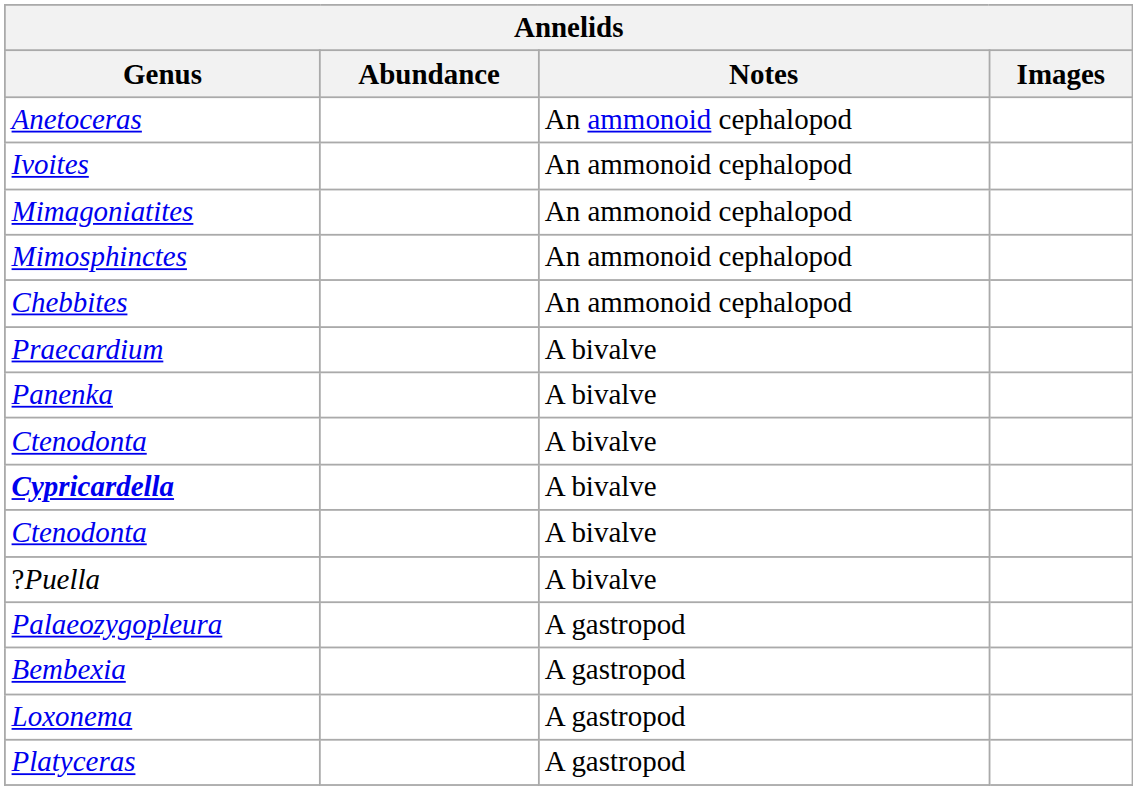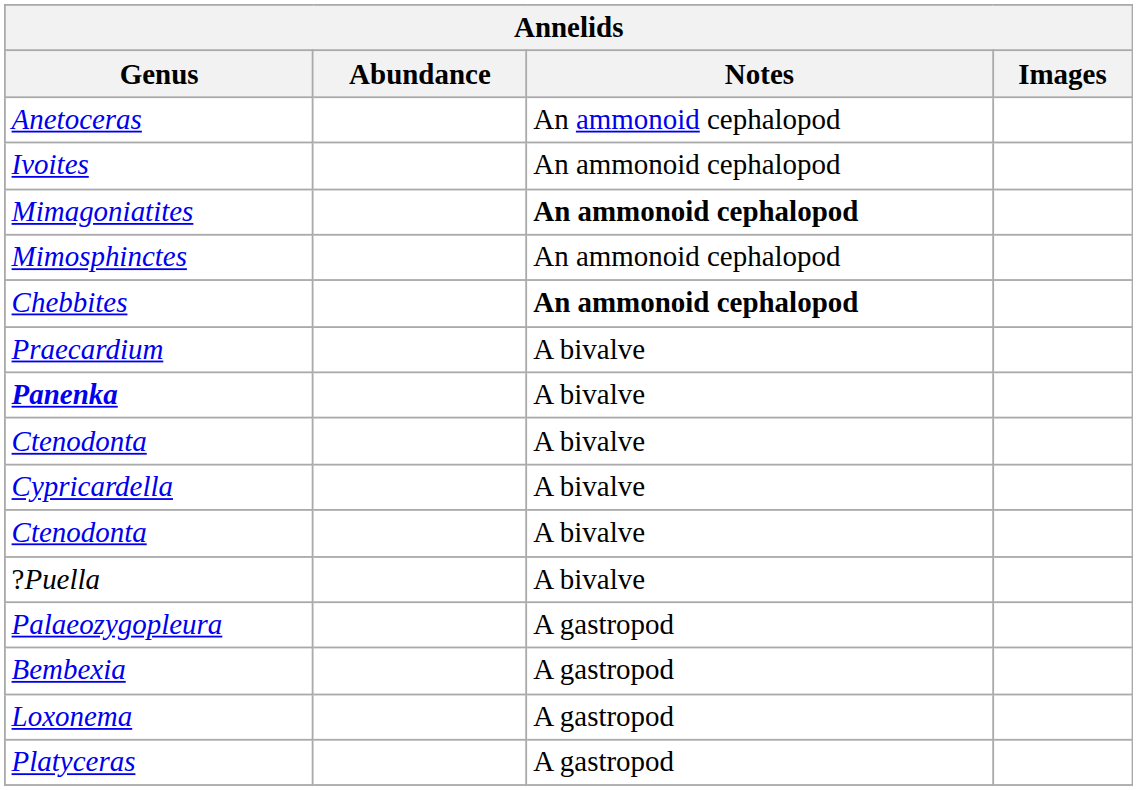 <table class="wikitable sortable" style="background:white; width:100%;">
 <tr>
 <th colspan="5" align="center">Annelids</th>
 </tr>
 <tr>
 <th>Genus</th>
 <th>Abundance</th>
 <th>Notes</th>
 <th>Images</th>
 </tr>
 <tr>
 <td><em><a href='#'>Anetoceras</a></em></td>
 <td></td>
 <td>An <a href='#'>ammonoid</a> cephalopod</td>
 <td></td>
 </tr>
 <tr>
 <td><em><a href='#'>Ivoites</a></em></td>
 <td></td>
 <td>An ammonoid cephalopod</td>
 <td></td>
 </tr>
 <tr>
 <td><em><a href='#'>Mimagoniatites</a></em></td>
 <td></td>
-<td>An ammonoid cephalopod</td>
+<td><strong>An ammonoid cephalopod</strong></td>
 <td></td>
 </tr>
 <tr>
 <td><em><a href='#'>Mimosphinctes</a></em></td>
 <td></td>
 <td>An ammonoid cephalopod</td>
 <td></td>
 </tr>
 <tr>
 <td><em><a href='#'>Chebbites</a></em></td>
 <td></td>
-<td>An ammonoid cephalopod</td>
+<td><strong>An ammonoid cephalopod</strong></td>
 <td></td>
 </tr>
 <tr>
 <td><em><a href='#'>Praecardium</a></em></td>
 <td></td>
 <td>A bivalve</td>
 <td></td>
 </tr>
 <tr>
-<td><a href='#'><em>Panenka</em></a></td>
+<td><strong><a href='#'><em>Panenka</em></a></strong></td>
 <td></td>
 <td>A bivalve</td>
 <td></td>
 </tr>
 <tr>
 <td><em><a href='#'>Ctenodonta</a></em></td>
 <td></td>
 <td>A bivalve</td>
 <td></td>
 </tr>
 <tr>
-<td><strong><em><a href='#'>Cypricardella</a></em></strong></td>
+<td><em><a href='#'>Cypricardella</a></em></td>
 <td></td>
 <td>A bivalve</td>
 <td></td>
 </tr>
 <tr>
 <td><em><a href='#'>Ctenodonta</a></em></td>
 <td></td>
 <td>A bivalve</td>
 <td></td>
 </tr>
 <tr>
 <td>?<em>Puella</em></td>
 <td></td>
 <td>A bivalve</td>
 <td></td>
 </tr>
 <tr>
 <td><em><a href='#'>Palaeozygopleura</a></em></td>
 <td></td>
 <td>A gastropod</td>
 <td></td>
 </tr>
 <tr>
 <td><em><a href='#'>Bembexia</a></em></td>
 <td></td>
 <td>A gastropod</td>
 <td></td>
 </tr>
 <tr>
 <td><em><a href='#'>Loxonema</a></em></td>
 <td></td>
 <td>A gastropod</td>
 <td></td>
 </tr>
 <tr>
 <td><em><a href='#'>Platyceras</a></em></td>
 <td></td>
 <td>A gastropod</td>
 <td></td>
 </tr>
 </table>
